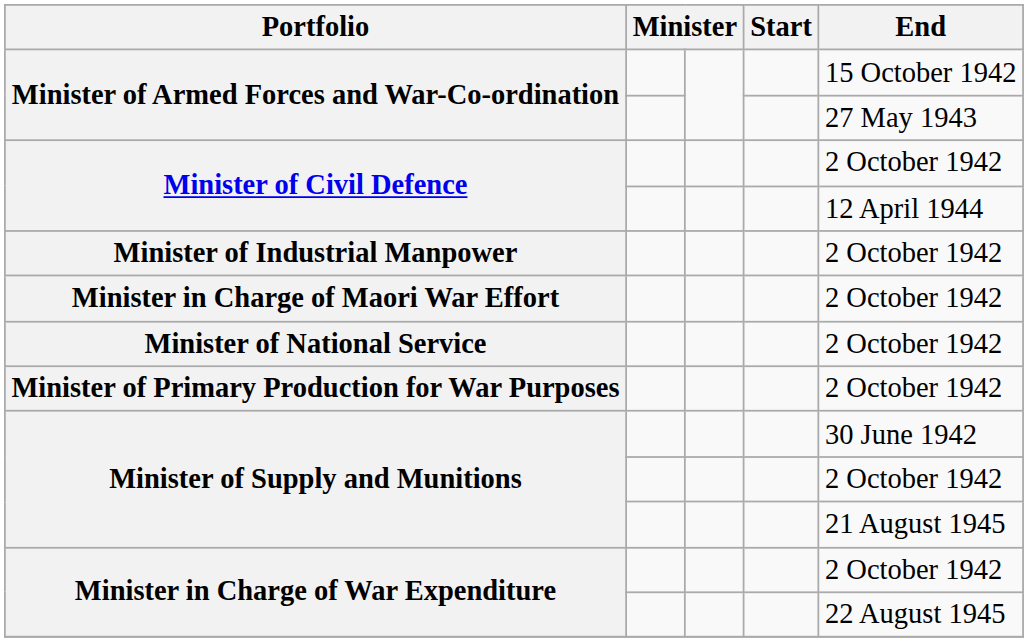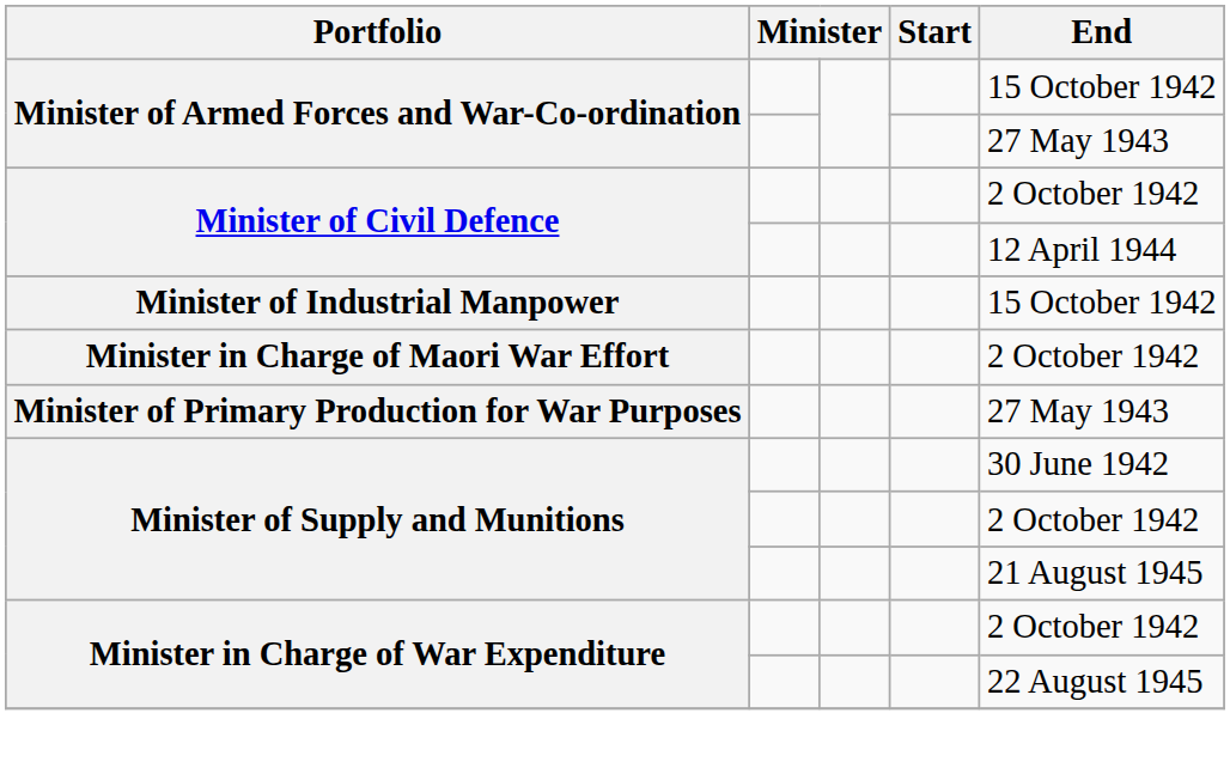 <table class="sortable wikitable">
 <tr>
 <th scope="col">Portfolio</th>
 <th scope="col" colspan="2">Minister</th>
 <th scope="col">Start</th>
 <th scope="col">End</th>
 </tr>
 <tr>
 <th rowspan="2" scope="row">Minister of Armed Forces and War-Co-ordination</th>
 <td style="background:"></td>
 <td rowspan="2"></td>
 <td></td>
 <td>15 October 1942</td>
 </tr>
 <tr>
 <td style="background:"></td>
 <td></td>
 <td>27 May 1943</td>
 </tr>
 <tr>
 <th rowspan="2" scope="row"><a href='#'>Minister of Civil Defence</a></th>
 <td style="background:"></td>
 <td></td>
 <td></td>
 <td>2 October 1942</td>
 </tr>
 <tr>
 <td style="background:"></td>
 <td></td>
 <td></td>
 <td>12 April 1944</td>
 </tr>
 <tr>
 <th scope="row">Minister of Industrial Manpower</th>
 <td style="background:"></td>
 <td></td>
 <td></td>
-<td>2 October 1942</td>
+<td>15 October 1942</td>
 </tr>
 <tr>
 <th scope="row">Minister in Charge of Maori War Effort</th>
-<td style="background:"></td>
-<td></td>
-<td></td>
-<td>2 October 1942</td>
-</tr>
-<tr>
-<th scope="row">Minister of National Service</th>
 <td style="background:"></td>
 <td></td>
 <td></td>
 <td>2 October 1942</td>
 </tr>
 <tr>
 <th scope="row">Minister of Primary Production for War Purposes</th>
 <td style="background:"></td>
 <td></td>
 <td></td>
-<td>2 October 1942</td>
+<td>27 May 1943</td>
 </tr>
 <tr>
 <th rowspan="3" scope="row">Minister of Supply and Munitions</th>
 <td style="background:"></td>
 <td></td>
 <td></td>
 <td>30 June 1942</td>
 </tr>
 <tr>
 <td style="background:"></td>
 <td></td>
 <td></td>
 <td>2 October 1942</td>
 </tr>
 <tr>
 <td style="background:"></td>
 <td></td>
 <td></td>
 <td>21 August 1945</td>
 </tr>
 <tr>
 <th rowspan="2" scope="row">Minister in Charge of War Expenditure</th>
 <td style="background:"></td>
 <td></td>
 <td></td>
 <td>2 October 1942</td>
 </tr>
 <tr>
 <td style="background:"></td>
 <td></td>
 <td></td>
 <td>22 August 1945</td>
 </tr>
 <tr>
 </tr>
 </table>
